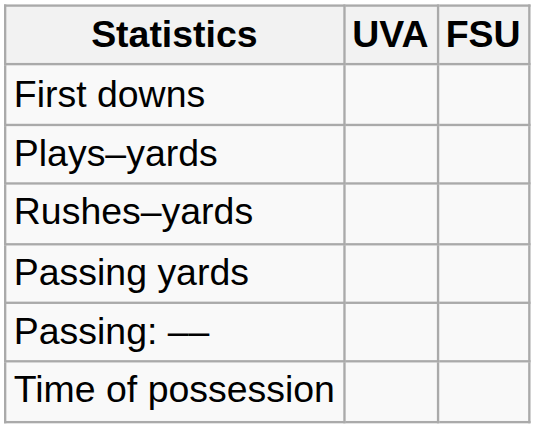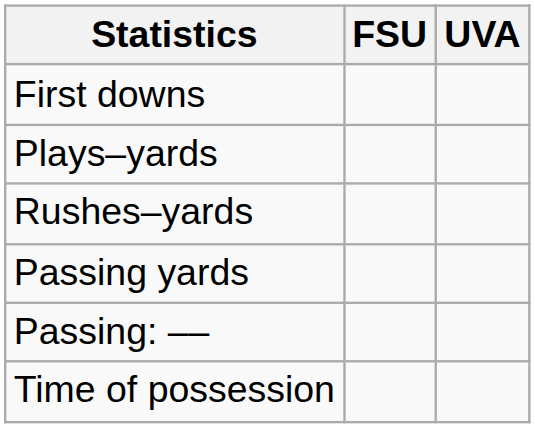 <table class="wikitable" style="float:left">
 <tr>
 <th>Statistics</th>
+<th>FSU</th>
 <th>UVA</th>
-<th>FSU</th>
 </tr>
 <tr>
 <td>First downs</td>
 <td></td>
 <td></td>
 </tr>
 <tr>
 <td>Plays–yards</td>
 <td></td>
 <td></td>
 </tr>
 <tr>
 <td>Rushes–yards</td>
 <td></td>
 <td></td>
 </tr>
 <tr>
 <td>Passing yards</td>
 <td></td>
 <td></td>
 </tr>
 <tr>
 <td>Passing: ––</td>
 <td></td>
 <td></td>
 </tr>
 <tr>
 <td>Time of possession</td>
 <td></td>
 <td></td>
 </tr>
 </table>
